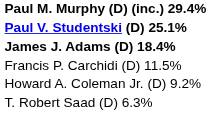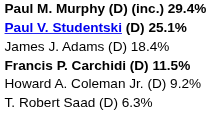 <table>
 <tr>
 <td><strong>Paul M. Murphy (D) (inc.) 29.4%</strong></td>
 </tr>
 <tr>
 <td><strong><a href='#'>Paul V. Studentski</a> (D) 25.1%</strong></td>
 </tr>
 <tr>
-<td><strong>James J. Adams (D) 18.4%</strong></td>
+<td>James J. Adams (D) 18.4%</td>
 </tr>
 <tr>
-<td>Francis P. Carchidi (D) 11.5%</td>
+<td><strong>Francis P. Carchidi (D) 11.5%</strong></td>
 </tr>
 <tr>
 <td>Howard A. Coleman Jr. (D) 9.2%</td>
 </tr>
 <tr>
 <td>T. Robert Saad (D) 6.3%</td>
 </tr>
 </table>
